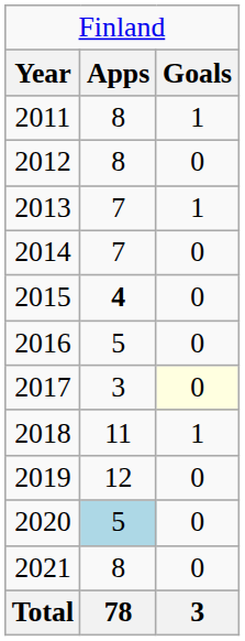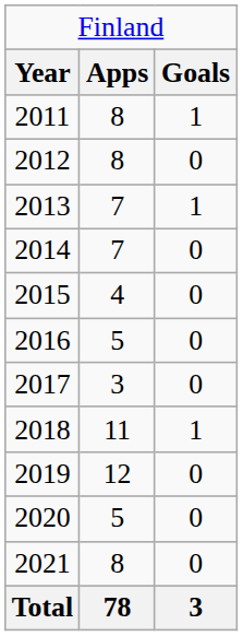 <table class="wikitable" style="text-align:center">
 <tr>
 <td colspan="6"><a href='#'>Finland</a></td>
 </tr>
 <tr>
 <th>Year</th>
 <th>Apps</th>
 <th>Goals</th>
 </tr>
 <tr>
 <td>2011</td>
 <td>8</td>
 <td>1</td>
 </tr>
 <tr>
 <td>2012</td>
 <td>8</td>
 <td>0</td>
 </tr>
 <tr>
 <td>2013</td>
 <td>7</td>
 <td>1</td>
 </tr>
 <tr>
 <td>2014</td>
 <td>7</td>
 <td>0</td>
 </tr>
 <tr>
 <td>2015</td>
-<td><strong>4</strong></td>
+<td>4</td>
 <td>0</td>
 </tr>
 <tr>
 <td>2016</td>
 <td>5</td>
 <td>0</td>
 </tr>
 <tr>
 <td>2017</td>
 <td>3</td>
-<td style="background: lightyellow;">0</td>
+<td>0</td>
 </tr>
 <tr>
 <td>2018</td>
 <td>11</td>
 <td>1</td>
 </tr>
 <tr>
 <td>2019</td>
 <td>12</td>
 <td>0</td>
 </tr>
 <tr>
 <td>2020</td>
-<td style="background: lightblue;">5</td>
+<td>5</td>
 <td>0</td>
 </tr>
 <tr>
 <td>2021</td>
 <td>8</td>
 <td>0</td>
 </tr>
 <tr>
 <th>Total</th>
 <th>78</th>
 <th>3</th>
 </tr>
 </table>
